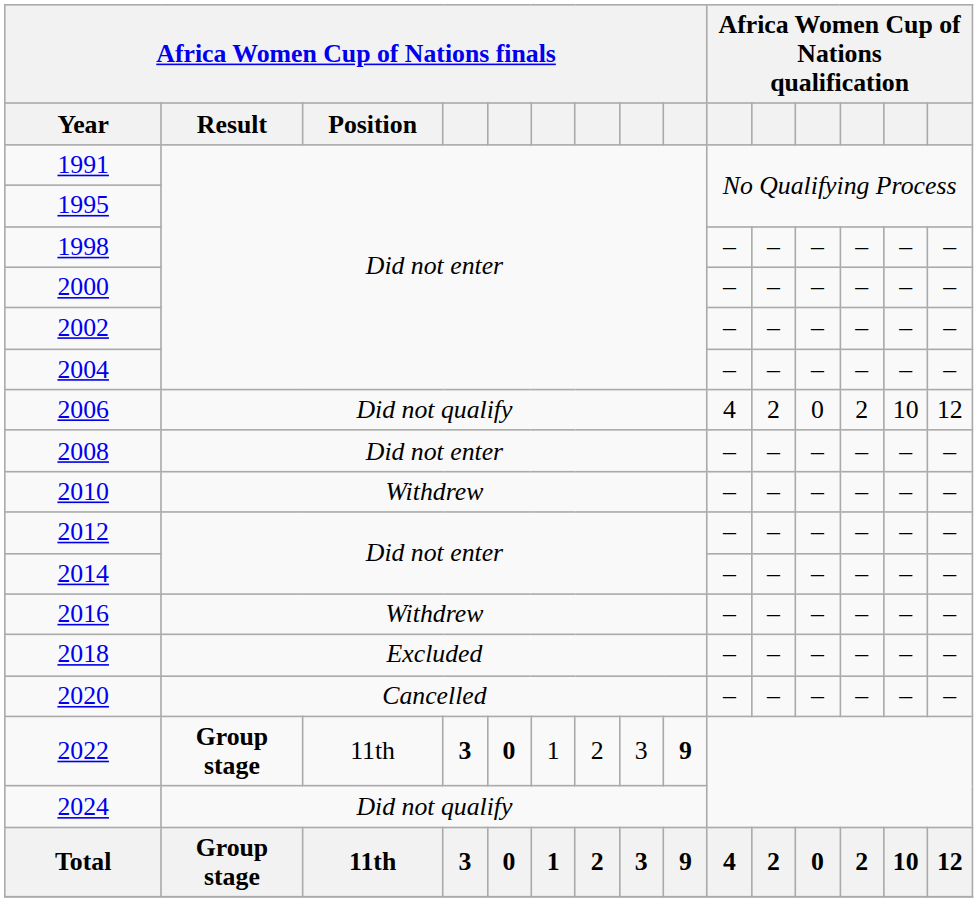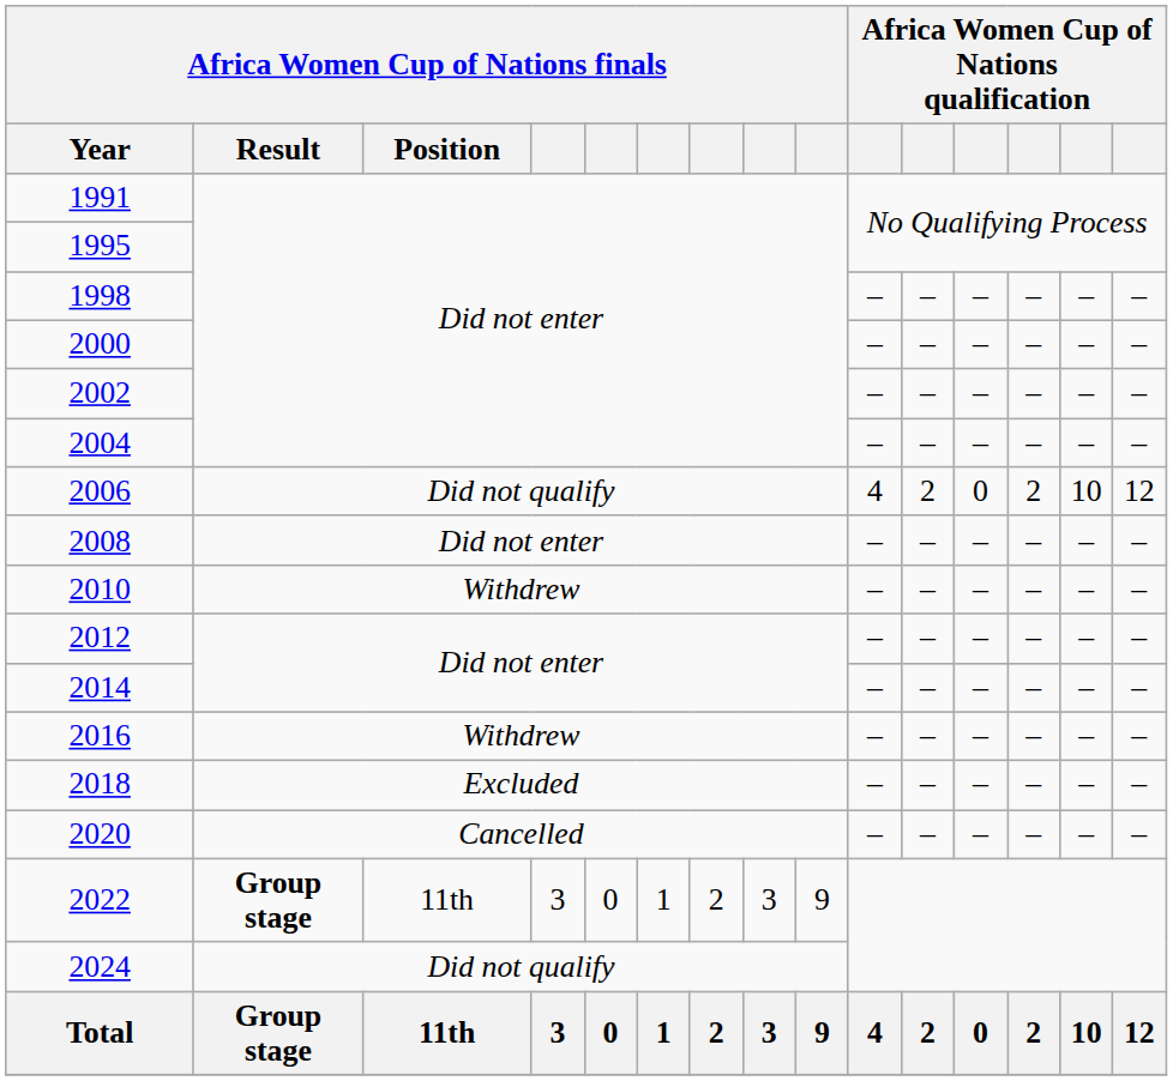 <table class="wikitable" style="text-align:center;">
 <tr>
 <th colspan="9"><a href='#'>Africa Women Cup of Nations finals</a></th>
 <th colspan="6">Africa Women Cup of Nations<br>qualification</th>
 </tr>
 <tr>
 <th style="width:90px;">Year</th>
 <th style="width:80px;">Result</th>
 <th style="width:80px;">Position</th>
 <th style="width:20px;"></th>
 <th style="width:20px;"></th>
 <th style="width:20px;"></th>
 <th style="width:20px;"></th>
 <th style="width:20px;"></th>
 <th style="width:20px;"></th>
 <th style="width:20px;"></th>
 <th style="width:20px;"></th>
 <th style="width:20px;"></th>
 <th style="width:20px;"></th>
 <th style="width:20px;"></th>
 <th style="width:20px;"></th>
 </tr>
 <tr>
 <td> <a href='#'>1991</a></td>
 <td rowspan="6" colspan="8"><em>Did not enter</em></td>
 <td rowspan="2" colspan="6"><em>No Qualifying Process</em></td>
 </tr>
 <tr>
 <td> <a href='#'>1995</a></td>
 </tr>
 <tr>
 <td> <a href='#'>1998</a></td>
 <td>–</td>
 <td>–</td>
 <td>–</td>
 <td>–</td>
 <td>–</td>
 <td>–</td>
 </tr>
 <tr>
 <td> <a href='#'>2000</a></td>
 <td>–</td>
 <td>–</td>
 <td>–</td>
 <td>–</td>
 <td>–</td>
 <td>–</td>
 </tr>
 <tr>
 <td> <a href='#'>2002</a></td>
 <td>–</td>
 <td>–</td>
 <td>–</td>
 <td>–</td>
 <td>–</td>
 <td>–</td>
 </tr>
 <tr>
 <td> <a href='#'>2004</a></td>
 <td>–</td>
 <td>–</td>
 <td>–</td>
 <td>–</td>
 <td>–</td>
 <td>–</td>
 </tr>
 <tr>
 <td> <a href='#'>2006</a></td>
 <td colspan="8"><em>Did not qualify</em></td>
 <td>4</td>
 <td>2</td>
 <td>0</td>
 <td>2</td>
 <td>10</td>
 <td>12</td>
 </tr>
 <tr>
 <td> <a href='#'>2008</a></td>
 <td colspan="8"><em>Did not enter</em></td>
 <td>–</td>
 <td>–</td>
 <td>–</td>
 <td>–</td>
 <td>–</td>
 <td>–</td>
 </tr>
 <tr>
 <td> <a href='#'>2010</a></td>
 <td colspan="8"><em>Withdrew</em></td>
 <td>–</td>
 <td>–</td>
 <td>–</td>
 <td>–</td>
 <td>–</td>
 <td>–</td>
 </tr>
 <tr>
 <td> <a href='#'>2012</a></td>
 <td rowspan="2" colspan="8"><em>Did not enter</em></td>
 <td>–</td>
 <td>–</td>
 <td>–</td>
 <td>–</td>
 <td>–</td>
 <td>–</td>
 </tr>
 <tr>
 <td> <a href='#'>2014</a></td>
 <td>–</td>
 <td>–</td>
 <td>–</td>
 <td>–</td>
 <td>–</td>
 <td>–</td>
 </tr>
 <tr>
 <td> <a href='#'>2016</a></td>
 <td colspan="8"><em>Withdrew</em></td>
 <td>–</td>
 <td>–</td>
 <td>–</td>
 <td>–</td>
 <td>–</td>
 <td>–</td>
 </tr>
 <tr>
 <td> <a href='#'>2018</a></td>
 <td colspan="8"><em>Excluded</em></td>
 <td>–</td>
 <td>–</td>
 <td>–</td>
 <td>–</td>
 <td>–</td>
 <td>–</td>
 </tr>
 <tr>
 <td> <a href='#'>2020</a></td>
 <td colspan="8"><em>Cancelled</em></td>
 <td>–</td>
 <td>–</td>
 <td>–</td>
 <td>–</td>
 <td>–</td>
 <td>–</td>
 </tr>
 <tr>
 <td> <a href='#'>2022</a></td>
 <td><strong>Group stage</strong></td>
 <td>11th</td>
-<td><strong>3</strong></td>
-<td><strong>0</strong></td>
+<td>3</td>
+<td>0</td>
 <td>1</td>
 <td>2</td>
 <td>3</td>
-<td><strong>9</strong></td>
+<td>9</td>
 </tr>
 <tr>
 <td> <a href='#'>2024</a></td>
 <td colspan=8><em>Did not qualify</em></td>
 </tr>
 <tr>
 <th>Total</th>
 <th>Group stage</th>
 <th>11th</th>
 <th>3</th>
 <th>0</th>
 <th>1</th>
 <th>2</th>
 <th>3</th>
 <th>9</th>
 <th>4</th>
 <th>2</th>
 <th>0</th>
 <th>2</th>
 <th>10</th>
 <th>12</th>
 </tr>
 <tr>
 </tr>
 </table>
